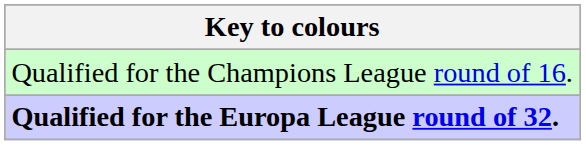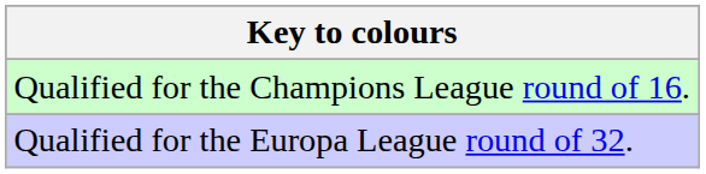 <table class="wikitable">
 <tr>
 <th>Key to colours</th>
 </tr>
 <tr style="background:#cfc">
 <td>Qualified for the Champions League <a href='#'>round of 16</a>.</td>
 </tr>
 <tr style="background:#ccf">
-<td><strong>Qualified for the Europa League <a href='#'>round of 32</a>.</strong></td>
+<td>Qualified for the Europa League <a href='#'>round of 32</a>.</td>
 </tr>
 </table>
